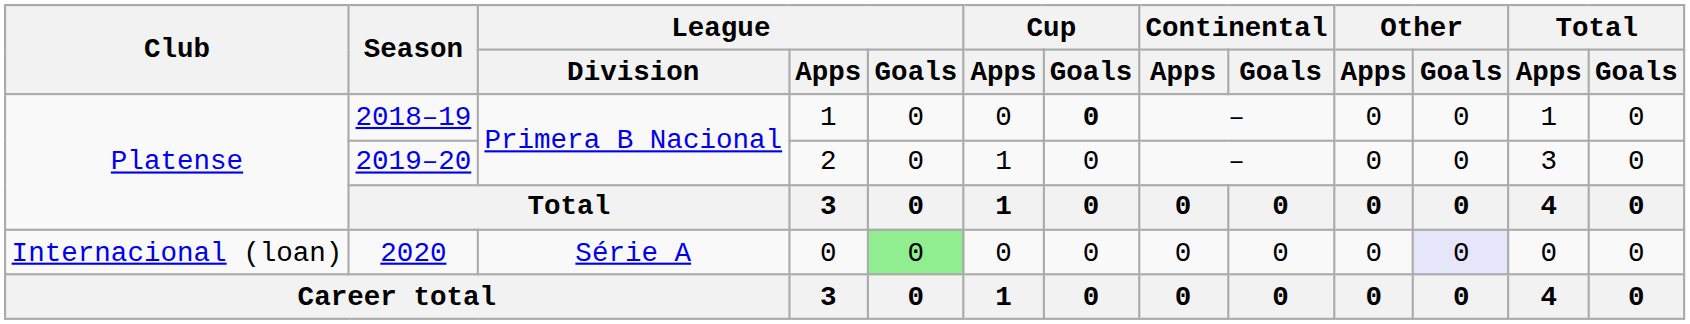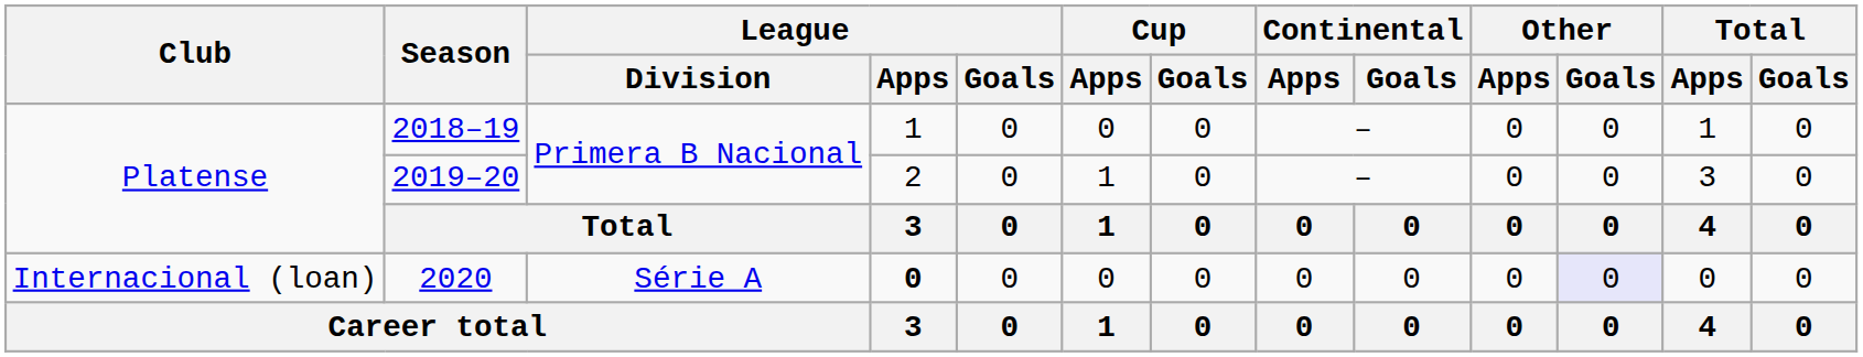 <table class="wikitable" style="text-align: center">
 <tr>
 <th rowspan="2">Club</th>
 <th rowspan="2">Season</th>
 <th colspan="3">League</th>
 <th colspan="2">Cup</th>
 <th colspan="2">Continental</th>
 <th colspan="2">Other</th>
 <th colspan="2">Total</th>
 </tr>
 <tr>
 <th>Division</th>
 <th>Apps</th>
 <th>Goals</th>
 <th>Apps</th>
 <th>Goals</th>
 <th>Apps</th>
 <th>Goals</th>
 <th>Apps</th>
 <th>Goals</th>
 <th>Apps</th>
 <th>Goals</th>
 </tr>
 <tr>
 <td rowspan="3"><a href='#'>Platense</a></td>
 <td><a href='#'>2018–19</a></td>
 <td rowspan="2"><a href='#'>Primera B Nacional</a></td>
 <td>1</td>
 <td>0</td>
 <td>0</td>
-<td><strong>0</strong></td>
+<td>0</td>
 <td colspan="2">–</td>
 <td>0</td>
 <td>0</td>
 <td>1</td>
 <td>0</td>
 </tr>
 <tr>
 <td><a href='#'>2019–20</a></td>
 <td>2</td>
 <td>0</td>
 <td>1</td>
 <td>0</td>
 <td colspan="2">–</td>
 <td>0</td>
 <td>0</td>
 <td>3</td>
 <td>0</td>
 </tr>
 <tr>
 <th colspan=2>Total</th>
 <th>3</th>
 <th>0</th>
 <th>1</th>
 <th>0</th>
 <th>0</th>
 <th>0</th>
 <th>0</th>
 <th>0</th>
 <th>4</th>
 <th>0</th>
 </tr>
 <tr>
 <td><a href='#'>Internacional</a> (loan)</td>
 <td><a href='#'>2020</a></td>
 <td><a href='#'>Série A</a></td>
+<td><strong>0</strong></td>
 <td>0</td>
-<td style="background: lightgreen;">0</td>
 <td>0</td>
 <td>0</td>
 <td>0</td>
 <td>0</td>
 <td>0</td>
 <td style="background: lavender;">0</td>
 <td>0</td>
 <td>0</td>
 </tr>
 <tr>
 <th colspan=3>Career total</th>
 <th>3</th>
 <th>0</th>
 <th>1</th>
 <th>0</th>
 <th>0</th>
 <th>0</th>
 <th>0</th>
 <th>0</th>
 <th>4</th>
 <th>0</th>
 </tr>
 </table>
